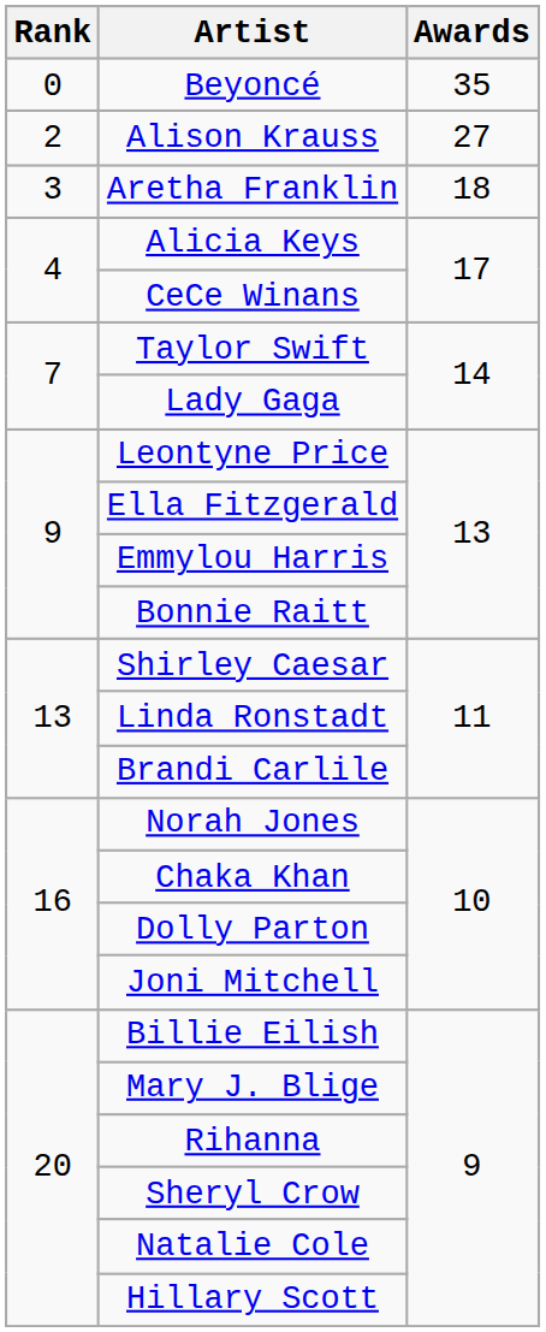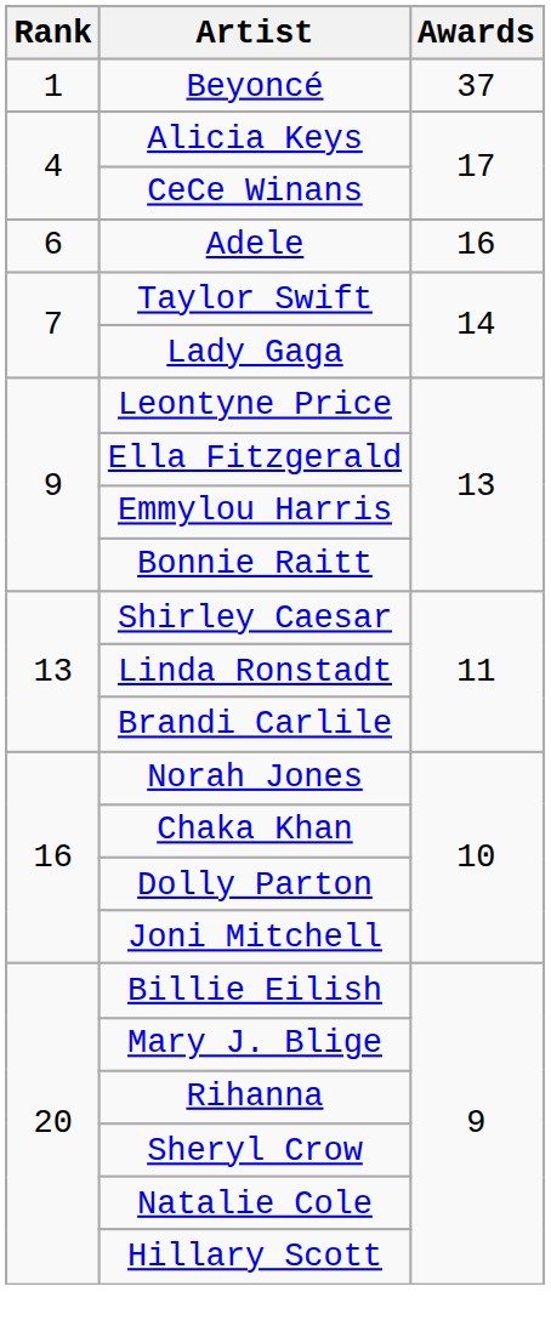 <table class="wikitable" style="text-align: center; cellpadding: 2;">
 <tr>
 <th>Rank</th>
 <th>Artist</th>
 <th>Awards</th>
 </tr>
 <tr>
-<td>0</td>
+<td>1</td>
 <td style="text-align: center;"><a href='#'>Beyoncé</a></td>
-<td>35</td>
-</tr>
-<tr>
-<td>2</td>
-<td style="text-align: center;"><a href='#'>Alison Krauss</a></td>
-<td>27</td>
-</tr>
-<tr>
-<td>3</td>
-<td style="text-align: center;"><a href='#'>Aretha Franklin</a></td>
-<td>18</td>
+<td>37</td>
 </tr>
 <tr>
 <td rowspan="2">4</td>
 <td style="text-align: center;"><a href='#'>Alicia Keys</a></td>
 <td rowspan="2">17</td>
 </tr>
 <tr>
 <td><a href='#'>CeCe Winans</a></td>
+</tr>
+<tr>
+<td>6</td>
+<td style="text-align: center;"><a href='#'>Adele</a></td>
+<td>16</td>
 </tr>
 <tr>
 <td rowspan="2">7</td>
 <td style="text-align: center;"><a href='#'>Taylor Swift</a></td>
 <td rowspan="2">14</td>
 </tr>
 <tr>
 <td><a href='#'>Lady Gaga</a></td>
 </tr>
 <tr>
 <td rowspan="4">9</td>
 <td style="text-align: center;"><a href='#'>Leontyne Price</a></td>
 <td rowspan="4">13</td>
 </tr>
 <tr>
 <td style="text-align: center;"><a href='#'>Ella Fitzgerald</a></td>
 </tr>
 <tr>
 <td style="text-align: center;"><a href='#'>Emmylou Harris</a></td>
 </tr>
 <tr>
 <td style="text-align: center;"><a href='#'>Bonnie Raitt</a></td>
 </tr>
 <tr>
 <td rowspan="3">13</td>
 <td style="text-align: center;"><a href='#'>Shirley Caesar</a></td>
 <td rowspan="3">11</td>
 </tr>
 <tr>
 <td style="text-align: center;"><a href='#'>Linda Ronstadt</a></td>
 </tr>
 <tr>
 <td style="text-align: center;"><a href='#'>Brandi Carlile</a></td>
 </tr>
 <tr>
 <td rowspan="4">16</td>
 <td style="text-align: center;"><a href='#'>Norah Jones</a></td>
 <td rowspan="4">10</td>
 </tr>
 <tr>
 <td style="text-align: center;"><a href='#'>Chaka Khan</a></td>
 </tr>
 <tr>
 <td style="text-align: center;"><a href='#'>Dolly Parton</a></td>
 </tr>
 <tr>
 <td style="text-align: center;"><a href='#'>Joni Mitchell</a></td>
 </tr>
 <tr>
 <td rowspan="7">20</td>
 <td style="text-align: center;"><a href='#'>Billie Eilish</a></td>
 <td rowspan="7">9</td>
 </tr>
 <tr>
 <td><a href='#'>Mary J. Blige</a></td>
 </tr>
 <tr>
 <td><a href='#'>Rihanna</a></td>
 </tr>
 <tr>
 <td><a href='#'>Sheryl Crow</a></td>
 </tr>
 <tr>
 <td><a href='#'>Natalie Cole</a></td>
 </tr>
 <tr>
 <td><a href='#'>Hillary Scott</a></td>
 </tr>
 </table>
